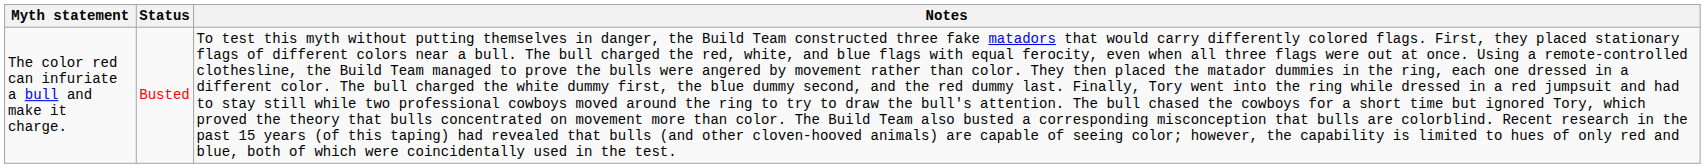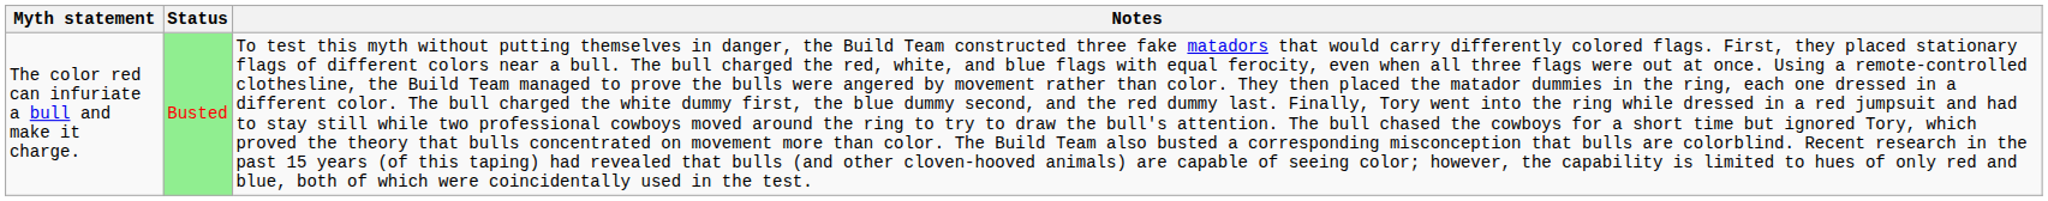 <table class="wikitable plainrowheaders">
 <tr>
 <th>Myth statement</th>
 <th>Status</th>
 <th>Notes</th>
 </tr>
 <tr>
 <td>The color red can infuriate a <a href='#'>bull</a> and make it charge.</td>
-<td style="color:Red">Busted</td>
+<td style="background: lightgreen; color:Red">Busted</td>
 <td>To test this myth without putting themselves in danger, the Build Team constructed three fake <a href='#'>matadors</a> that would carry differently colored flags. First, they placed stationary flags of different colors near a bull. The bull charged the red, white, and blue flags with equal ferocity, even when all three flags were out at once. Using a remote-controlled clothesline, the Build Team managed to prove the bulls were angered by movement rather than color. They then placed the matador dummies in the ring, each one dressed in a different color. The bull charged the white dummy first, the blue dummy second, and the red dummy last. Finally, Tory went into the ring while dressed in a red jumpsuit and had to stay still while two professional cowboys moved around the ring to try to draw the bull's attention. The bull chased the cowboys for a short time but ignored Tory, which proved the theory that bulls concentrated on movement more than color. The Build Team also busted a corresponding misconception that bulls are colorblind. Recent research in the past 15 years (of this taping) had revealed that bulls (and other cloven-hooved animals) are capable of seeing color; however, the capability is limited to hues of only red and blue, both of which were coincidentally used in the test.</td>
 </tr>
 </table>
